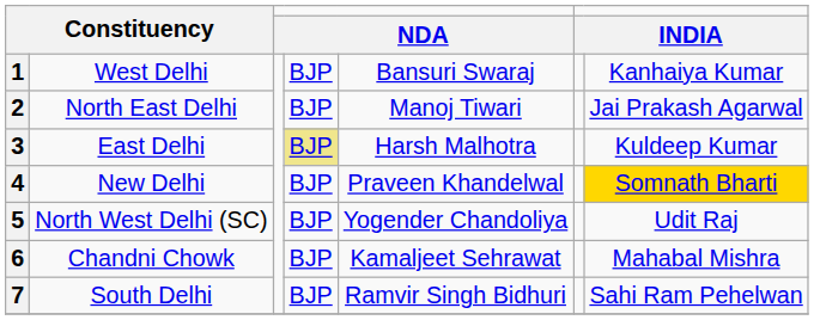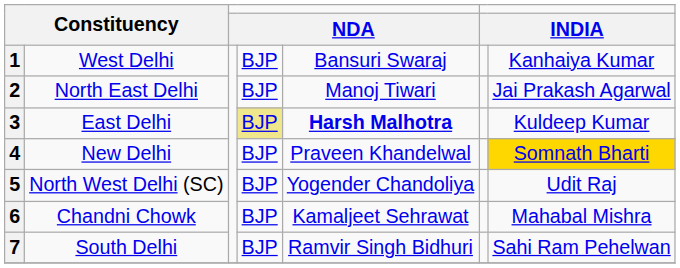 <table class="wikitable sortable" style="text-align:center;">
 <tr>
 <th colspan="2" rowspan="2">Constituency</th>
 <td colspan="3"></td>
 <td colspan="3"></td>
 </tr>
 <tr>
 <th colspan="3"><a href='#'>NDA</a></th>
 <th colspan="3"><a href='#'>INDIA</a></th>
 </tr>
 <tr>
 <th>1</th>
 <td><a href='#'>West Delhi</a></td>
 <td rowspan="7" bgcolor=></td>
 <td><a href='#'>BJP</a></td>
 <td><a href='#'>Bansuri Swaraj</a></td>
 <td></td>
 <td><a href='#'>Kanhaiya Kumar</a></td>
 </tr>
 <tr>
 <th>2</th>
 <td><a href='#'>North East Delhi</a></td>
 <td><a href='#'>BJP</a></td>
 <td><a href='#'>Manoj Tiwari</a></td>
 <td></td>
 <td><a href='#'>Jai Prakash Agarwal</a></td>
 </tr>
 <tr>
 <th>3</th>
 <td><a href='#'>East Delhi</a></td>
 <td style="background: khaki;"><a href='#'>BJP</a></td>
-<td><a href='#'>Harsh Malhotra</a></td>
+<td><strong><a href='#'>Harsh Malhotra</a></strong></td>
 <td></td>
 <td><a href='#'>Kuldeep Kumar</a></td>
 </tr>
 <tr>
 <th>4</th>
 <td><a href='#'>New Delhi</a></td>
 <td><a href='#'>BJP</a></td>
 <td><a href='#'>Praveen Khandelwal</a></td>
 <td></td>
 <td style="background: gold;"><a href='#'>Somnath Bharti</a></td>
 </tr>
 <tr>
 <th>5</th>
 <td><a href='#'>North West Delhi</a> (SC)</td>
 <td><a href='#'>BJP</a></td>
 <td><a href='#'>Yogender Chandoliya</a></td>
 <td></td>
 <td><a href='#'>Udit Raj</a></td>
 </tr>
 <tr>
 <th>6</th>
 <td><a href='#'>Chandni Chowk</a></td>
 <td><a href='#'>BJP</a></td>
 <td><a href='#'>Kamaljeet Sehrawat</a></td>
 <td></td>
 <td><a href='#'>Mahabal Mishra</a></td>
 </tr>
 <tr>
 <th>7</th>
 <td><a href='#'>South Delhi</a></td>
 <td><a href='#'>BJP</a></td>
 <td><a href='#'>Ramvir Singh Bidhuri</a></td>
 <td></td>
 <td><a href='#'>Sahi Ram Pehelwan</a></td>
 </tr>
 <tr>
 </tr>
 </table>
